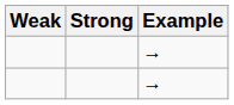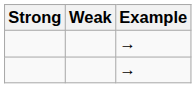 <table class="wikitable">
 <tr>
+<th>Strong</th>
 <th>Weak</th>
-<th>Strong</th>
 <th>Example</th>
 </tr>
 <tr>
 <td></td>
 <td></td>
 <td> → </td>
 </tr>
 <tr>
 <td></td>
 <td></td>
 <td> → </td>
 </tr>
 </table>
